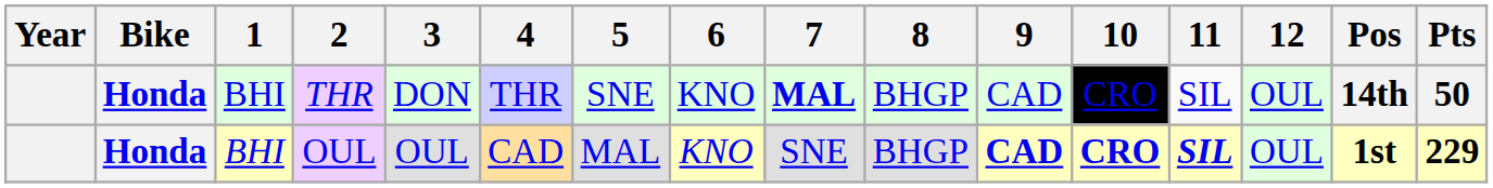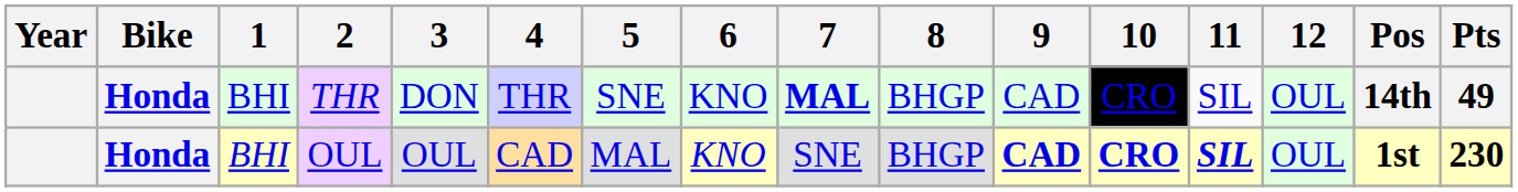 <table class="wikitable" style="text-align:center; font-size:90%;">
 <tr>
 <th>Year</th>
 <th>Bike</th>
 <th>1</th>
 <th>2</th>
 <th>3</th>
 <th>4</th>
 <th>5</th>
 <th>6</th>
 <th>7</th>
 <th>8</th>
 <th>9</th>
 <th>10</th>
 <th>11</th>
 <th>12</th>
 <th>Pos</th>
 <th>Pts</th>
 </tr>
 <tr>
 <th></th>
 <th><a href='#'>Honda</a></th>
 <td style="background:#DFFFDF;"><a href='#'>BHI</a><br></td>
 <td style="background:#EFCFFF;"><em><a href='#'>THR</a></em><br></td>
 <td style="background:#DFFFDF;"><a href='#'>DON</a><br></td>
 <td style="background:#CFCFFF;"><a href='#'>THR</a><br></td>
 <td style="background:#DFFFDF;"><a href='#'>SNE</a><br></td>
 <td style="background:#DFFFDF;"><a href='#'>KNO</a><br></td>
 <td style="background:#DFFFDF;"><strong><a href='#'>MAL</a><br></strong></td>
 <td style="background:#DFFFDF;"><a href='#'>BHGP</a><br></td>
 <td style="background:#DFFFDF;"><a href='#'>CAD</a><br></td>
 <td style="background:#000000; color:#FFFFFF;"><a href='#'><span>CRO</span></a><br></td>
 <td><a href='#'>SIL</a></td>
 <td style="background:#DFFFDF;"><a href='#'>OUL</a><br></td>
 <th>14th</th>
-<th>50</th>
+<th>49</th>
 </tr>
 <tr>
 <th></th>
 <th><a href='#'>Honda</a></th>
 <td style="background:#FFFFBF;"><em><a href='#'>BHI</a></em><br></td>
 <td style="background:#EFCFFF;"><a href='#'>OUL</a><br></td>
 <td style="background:#DFDFDF;"><a href='#'>OUL</a><br></td>
 <td style="background:#FFDF9F;"><a href='#'>CAD</a><br></td>
 <td style="background:#DFDFDF;"><a href='#'>MAL</a><br></td>
 <td style="background:#FFFFBF;"><em><a href='#'>KNO</a></em><br></td>
 <td style="background:#DFDFDF;"><a href='#'>SNE</a><br></td>
 <td style="background:#DFDFDF;"><a href='#'>BHGP</a><br></td>
 <td style="background:#FFFFBF;"><strong><a href='#'>CAD</a></strong><br></td>
 <td style="background:#FFFFBF;"><strong><a href='#'>CRO</a></strong><br></td>
 <td style="background:#FFFFBF;"><strong><em><a href='#'>SIL</a></em></strong><br></td>
 <td style="background:#DFFFDF;"><a href='#'>OUL</a><br></td>
 <th style="background:#FFFFBF;">1st</th>
-<th style="background:#FFFFBF;">229</th>
+<th style="background:#FFFFBF;">230</th>
 </tr>
 </table>
